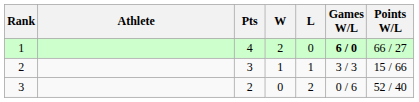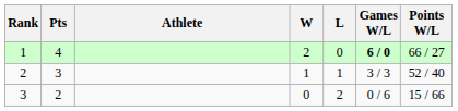 <table class="wikitable" style="text-align: center; font-size:90% ">
 <tr>
 <th width="20">Rank</th>
+<th width="30">Pts</th>
 <th width="230">Athlete</th>
-<th width="30">Pts</th>
 <th width="30">W</th>
 <th width="30">L</th>
 <th width="40">Games<br>W/L</th>
 <th width="50">Points<br>W/L</th>
 </tr>
 <tr bgcolor=#ccffcc>
 <td>1</td>
+<td>4</td>
 <td align=left></td>
-<td>4</td>
 <td>2</td>
 <td>0</td>
 <td><strong>6 / 0</strong></td>
 <td>66 / 27</td>
 </tr>
 <tr>
 <td>2</td>
+<td>3</td>
 <td align=left></td>
-<td>3</td>
 <td>1</td>
 <td>1</td>
 <td>3 / 3</td>
-<td>15 / 66</td>
+<td>52 / 40</td>
 </tr>
 <tr>
 <td>3</td>
+<td>2</td>
 <td align=left></td>
-<td>2</td>
 <td>0</td>
 <td>2</td>
 <td>0 / 6</td>
-<td>52 / 40</td>
+<td>15 / 66</td>
 </tr>
 </table>
